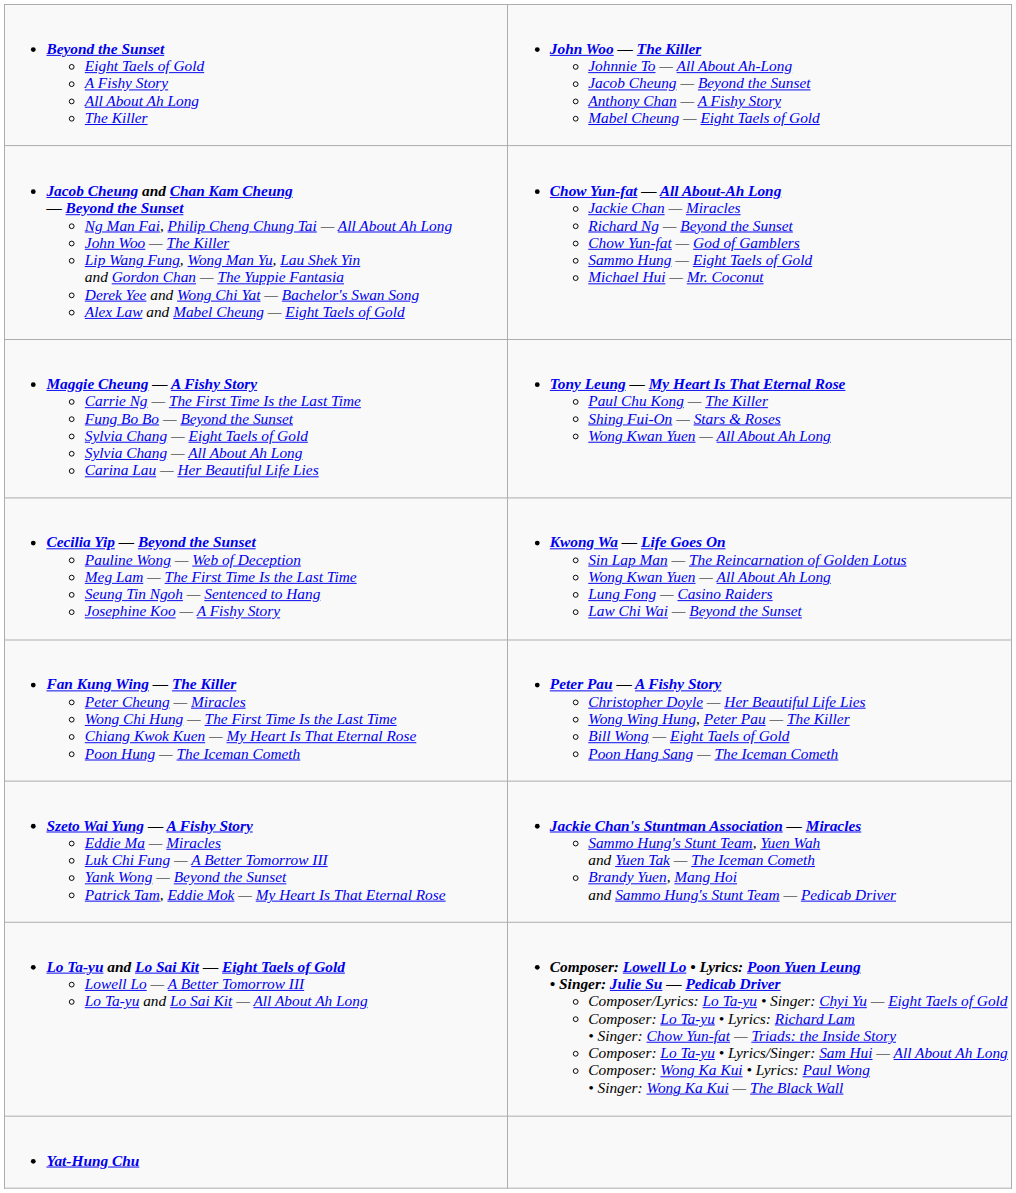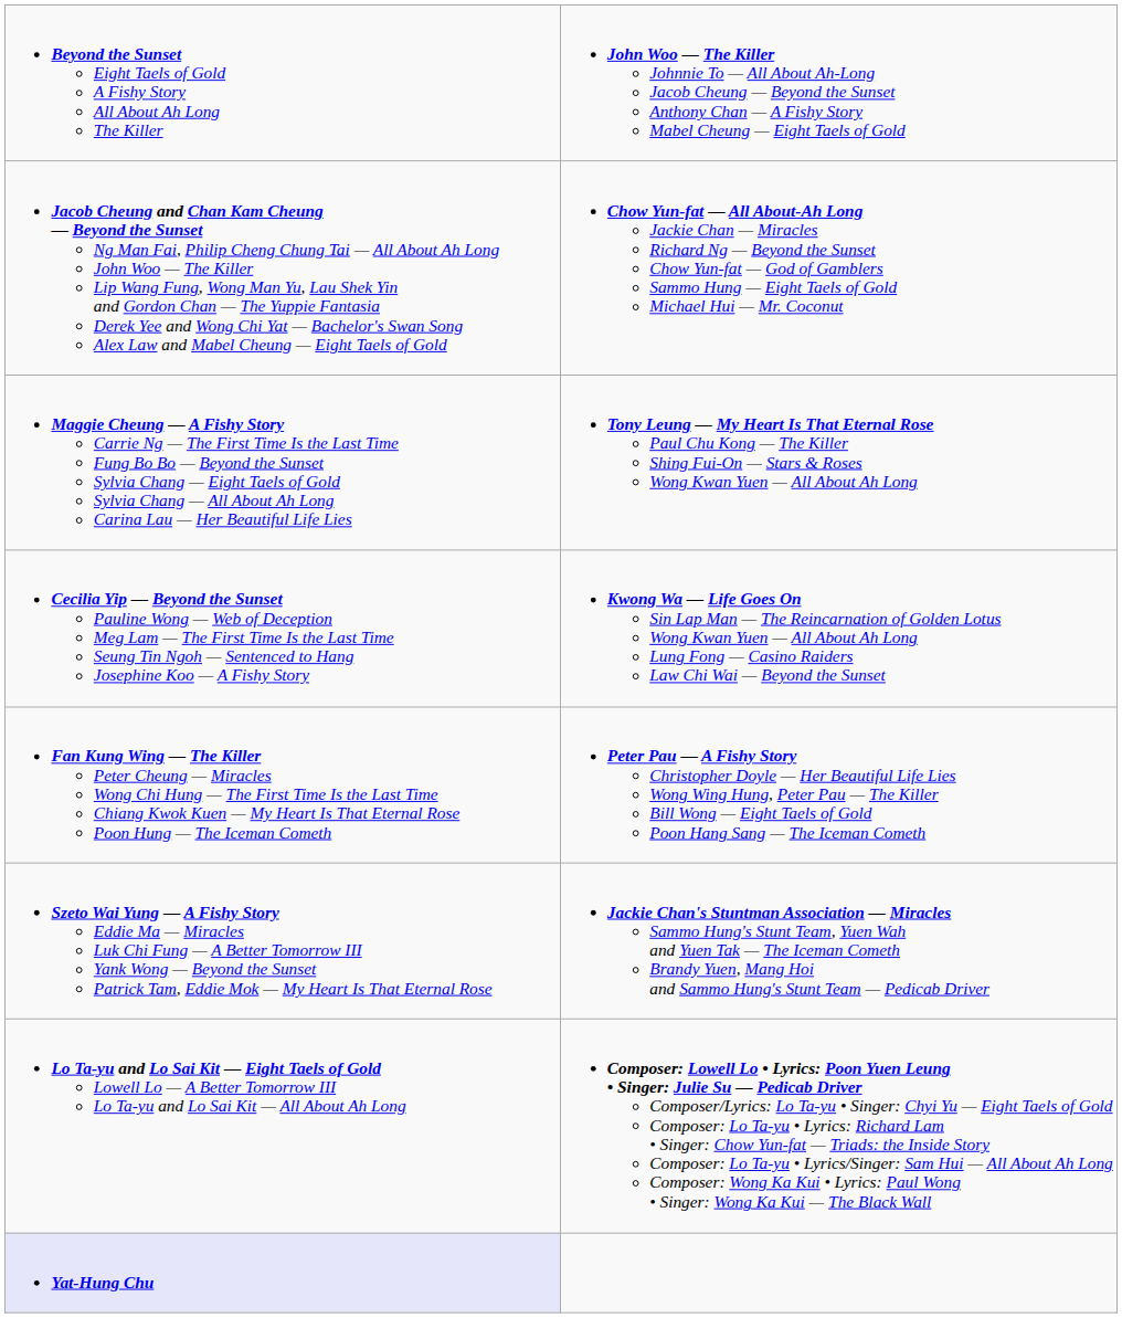 <table class=wikitable>
 <tr>
 <td valign="top" width="50%"><br><ul><li><strong><em><a href='#'>Beyond the Sunset</a></em></strong><ul><li><em><a href='#'>Eight Taels of Gold</a></em></li><li><em><a href='#'>A Fishy Story</a></em></li><li><em><a href='#'>All About Ah Long</a></em></li><li><em><a href='#'>The Killer</a></em></li></ul></li></ul></td>
 <td valign="top" width="50%"><br><ul><li><strong><em><a href='#'>John Woo</a> — <a href='#'>The Killer</a></em></strong><ul><li><em><a href='#'>Johnnie To</a> — <a href='#'>All About Ah-Long</a></em></li><li><em><a href='#'>Jacob Cheung</a> — <a href='#'>Beyond the Sunset</a></em></li><li><em><a href='#'>Anthony Chan</a> — <a href='#'>A Fishy Story</a></em></li><li><em><a href='#'>Mabel Cheung</a> — <a href='#'>Eight Taels of Gold</a></em></li></ul></li></ul></td>
 </tr>
 <tr>
 <td valign="top" width="50%"><br><ul><li><strong><em><a href='#'>Jacob Cheung</a> and <a href='#'>Chan Kam Cheung</a> <br> — <a href='#'>Beyond the Sunset</a></em></strong><ul><li><em><a href='#'>Ng Man Fai</a>, <a href='#'>Philip Cheng Chung Tai</a> — <a href='#'>All About Ah Long</a></em></li><li><em><a href='#'>John Woo</a> — <a href='#'>The Killer</a></em></li><li><em><a href='#'>Lip Wang Fung</a>, <a href='#'>Wong Man Yu</a>, <a href='#'>Lau Shek Yin</a> <br> and <a href='#'>Gordon Chan</a> — <a href='#'>The Yuppie Fantasia</a></em></li><li><em><a href='#'>Derek Yee</a> and  <a href='#'>Wong Chi Yat</a> — <a href='#'>Bachelor's Swan Song</a></em></li><li><em><a href='#'>Alex Law</a> and <a href='#'>Mabel Cheung</a> — <a href='#'>Eight Taels of Gold</a></em></li></ul></li></ul></td>
 <td valign="top" width="50%"><br><ul><li><strong><em><a href='#'>Chow Yun-fat</a> — <a href='#'>All About-Ah Long</a></em></strong><ul><li><em><a href='#'>Jackie Chan</a> — <a href='#'>Miracles</a></em></li><li><em><a href='#'>Richard Ng</a> — <a href='#'>Beyond the Sunset</a></em></li><li><em><a href='#'>Chow Yun-fat</a> — <a href='#'>God of Gamblers</a></em></li><li><em><a href='#'>Sammo Hung</a> — <a href='#'>Eight Taels of Gold</a></em></li><li><em><a href='#'>Michael Hui</a> — <a href='#'>Mr. Coconut</a></em></li></ul></li></ul></td>
 </tr>
 <tr>
 <td valign="top" width="50%"><br><ul><li><strong><em><a href='#'>Maggie Cheung</a> — <a href='#'>A Fishy Story</a></em></strong><ul><li><em><a href='#'>Carrie Ng</a> — <a href='#'>The First Time Is the Last Time</a></em></li><li><em><a href='#'>Fung Bo Bo</a> — <a href='#'>Beyond the Sunset</a></em></li><li><em><a href='#'>Sylvia Chang</a> — <a href='#'>Eight Taels of Gold</a></em></li><li><em><a href='#'>Sylvia Chang</a> — <a href='#'>All About Ah Long</a></em></li><li><em><a href='#'>Carina Lau</a> — <a href='#'>Her Beautiful Life Lies</a></em></li></ul></li></ul></td>
 <td valign="top" width="50%"><br><ul><li><strong><em><a href='#'>Tony Leung</a> — <a href='#'>My Heart Is That Eternal Rose</a></em></strong><ul><li><em><a href='#'>Paul Chu Kong</a> — <a href='#'>The Killer</a></em></li><li><em><a href='#'>Shing Fui-On</a> — <a href='#'>Stars & Roses</a></em></li><li><em><a href='#'>Wong Kwan Yuen</a> — <a href='#'>All About Ah Long</a></em></li></ul></li></ul></td>
 </tr>
 <tr>
 <td valign="top" width="50%"><br><ul><li><strong><em><a href='#'>Cecilia Yip</a> — <a href='#'>Beyond the Sunset</a></em></strong><ul><li><em><a href='#'>Pauline Wong</a> — <a href='#'>Web of Deception</a></em></li><li><em><a href='#'>Meg Lam</a> — <a href='#'>The First Time Is the Last Time</a></em></li><li><em><a href='#'>Seung Tin Ngoh</a> — <a href='#'>Sentenced to Hang</a></em></li><li><em><a href='#'>Josephine Koo</a> — <a href='#'>A Fishy Story</a></em></li></ul></li></ul></td>
 <td valign="top" width="50%"><br><ul><li><strong><em><a href='#'>Kwong Wa</a> — <a href='#'>Life Goes On</a></em></strong><ul><li><em><a href='#'>Sin Lap Man</a> — <a href='#'>The Reincarnation of Golden Lotus</a></em></li><li><em><a href='#'>Wong Kwan Yuen</a> — <a href='#'>All About Ah Long</a></em></li><li><em><a href='#'>Lung Fong</a> — <a href='#'>Casino Raiders</a></em></li><li><em><a href='#'>Law Chi Wai</a> — <a href='#'>Beyond the Sunset</a></em></li></ul></li></ul></td>
 </tr>
 <tr>
 <td valign="top" width="50%"><br><ul><li><strong><em><a href='#'>Fan Kung Wing</a> — <a href='#'>The Killer</a></em></strong><ul><li><em><a href='#'>Peter Cheung</a> — <a href='#'>Miracles</a></em></li><li><em><a href='#'>Wong Chi Hung</a> — <a href='#'>The First Time Is the Last Time</a></em></li><li><em><a href='#'>Chiang Kwok Kuen</a> — <a href='#'>My Heart Is That Eternal Rose</a></em></li><li><em><a href='#'>Poon Hung</a> — <a href='#'>The Iceman Cometh</a></em></li></ul></li></ul></td>
 <td valign="top" width="50%"><br><ul><li><strong><em><a href='#'>Peter Pau</a> — <a href='#'>A Fishy Story</a></em></strong><ul><li><em><a href='#'>Christopher Doyle</a> — <a href='#'>Her Beautiful Life Lies</a></em></li><li><em><a href='#'>Wong Wing Hung</a>, <a href='#'>Peter Pau</a> — <a href='#'>The Killer</a></em></li><li><em><a href='#'>Bill Wong</a> — <a href='#'>Eight Taels of Gold</a></em></li><li><em><a href='#'>Poon Hang Sang</a> — <a href='#'>The Iceman Cometh</a></em></li></ul></li></ul></td>
 </tr>
 <tr>
 <td valign="top" width="50%"><br><ul><li><strong><em><a href='#'>Szeto Wai Yung</a> — <a href='#'>A Fishy Story</a></em></strong><ul><li><em><a href='#'>Eddie Ma</a> — <a href='#'>Miracles</a></em></li><li><em><a href='#'>Luk Chi Fung</a> — <a href='#'>A Better Tomorrow III</a></em></li><li><em><a href='#'>Yank Wong</a> — <a href='#'>Beyond the Sunset</a></em></li><li><em><a href='#'>Patrick Tam</a>, <a href='#'>Eddie Mok</a> — <a href='#'>My Heart Is That Eternal Rose</a></em></li></ul></li></ul></td>
 <td valign="top" width="50%"><br><ul><li><strong><em><a href='#'>Jackie Chan's Stuntman Association</a> — <a href='#'>Miracles</a></em></strong><ul><li><em><a href='#'>Sammo Hung's Stunt Team</a>, <a href='#'>Yuen Wah</a> <br> and <a href='#'>Yuen Tak</a> — <a href='#'>The Iceman Cometh</a></em></li><li><em><a href='#'>Brandy Yuen</a>, <a href='#'>Mang Hoi</a> <br> and <a href='#'>Sammo Hung's Stunt Team</a> — <a href='#'>Pedicab Driver</a></em></li></ul></li></ul></td>
 </tr>
 <tr>
 <td valign="top" width="50%"><br><ul><li><strong><em><a href='#'>Lo Ta-yu</a> and <a href='#'>Lo Sai Kit</a> — <a href='#'>Eight Taels of Gold</a></em></strong><ul><li><em><a href='#'>Lowell Lo</a> — <a href='#'>A Better Tomorrow III</a></em></li><li><em><a href='#'>Lo Ta-yu</a> and <a href='#'>Lo Sai Kit</a> — <a href='#'>All About Ah Long</a></em></li></ul></li></ul></td>
 <td valign="top" width="50%"><br><ul><li><strong><em>Composer: <a href='#'>Lowell Lo</a> • Lyrics: <a href='#'>Poon Yuen Leung</a> <br>• Singer: <a href='#'>Julie Su</a> —  <a href='#'>Pedicab Driver</a></em></strong><ul><li><em>Composer/Lyrics: <a href='#'>Lo Ta-yu</a> • Singer: <a href='#'>Chyi Yu</a> —  <a href='#'>Eight Taels of Gold</a></em></li><li><em>Composer: <a href='#'>Lo Ta-yu</a> • Lyrics: <a href='#'>Richard Lam</a> <br>• Singer: <a href='#'>Chow Yun-fat</a> —  <a href='#'>Triads: the Inside Story</a></em></li><li><em>Composer: <a href='#'>Lo Ta-yu</a> • Lyrics/Singer: <a href='#'>Sam Hui</a> —  <a href='#'>All About Ah Long</a></em></li><li><em>Composer: <a href='#'>Wong Ka Kui</a> • Lyrics: <a href='#'>Paul Wong</a> <br>• Singer: <a href='#'>Wong Ka Kui</a> —  <a href='#'>The Black Wall</a></em></li></ul></li></ul></td>
 </tr>
 <tr>
-<td valign="top" width="50%"><br><ul><li><strong><em><a href='#'>Yat-Hung Chu</a></em></strong></li></ul></td>
+<td valign="top" width="50%" style="background: lavender;"><br><ul><li><strong><em><a href='#'>Yat-Hung Chu</a></em></strong></li></ul></td>
 </tr>
 </table>
